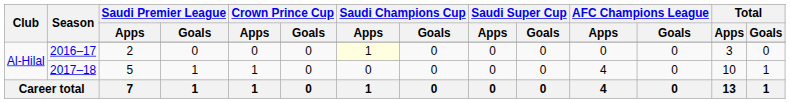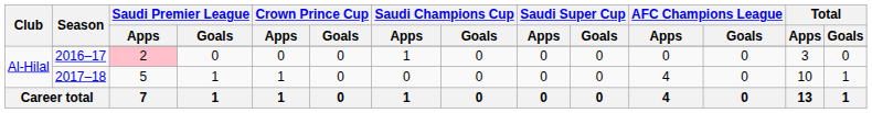 <table class="wikitable" style="text-align: center;">
 <tr>
 <th rowspan="2">Club</th>
 <th rowspan="2">Season</th>
 <th colspan="2"><a href='#'>Saudi Premier League</a></th>
 <th colspan="2"><a href='#'>Crown Prince Cup</a></th>
 <th colspan="2"><a href='#'>Saudi Champions Cup</a></th>
 <th colspan="2"><a href='#'>Saudi Super Cup</a></th>
 <th colspan="2"><a href='#'>AFC Champions League</a></th>
 <th colspan="2">Total</th>
 </tr>
 <tr>
 <th>Apps</th>
 <th>Goals</th>
 <th>Apps</th>
 <th>Goals</th>
 <th>Apps</th>
 <th>Goals</th>
 <th>Apps</th>
 <th>Goals</th>
 <th>Apps</th>
 <th>Goals</th>
 <th>Apps</th>
 <th>Goals</th>
 </tr>
 <tr>
 <td rowspan="3"><a href='#'>Al-Hilal</a></td>
 </tr>
 <tr>
 <td><a href='#'>2016–17</a></td>
-<td>2</td>
+<td style="background: pink;">2</td>
 <td>0</td>
 <td>0</td>
 <td>0</td>
-<td style="background: lightyellow;">1</td>
+<td>1</td>
 <td>0</td>
 <td>0</td>
 <td>0</td>
 <td>0</td>
 <td>0</td>
 <td>3</td>
 <td>0</td>
 </tr>
 <tr>
 <td><a href='#'>2017–18</a></td>
 <td>5</td>
 <td>1</td>
 <td>1</td>
 <td>0</td>
 <td>0</td>
 <td>0</td>
 <td>0</td>
 <td>0</td>
 <td>4</td>
 <td>0</td>
 <td>10</td>
 <td>1</td>
 </tr>
 <tr>
 <th colspan=2>Career total</th>
 <th>7</th>
 <th>1</th>
 <th>1</th>
 <th>0</th>
 <th>1</th>
 <th>0</th>
 <th>0</th>
 <th>0</th>
 <th>4</th>
 <th>0</th>
 <th>13</th>
 <th>1</th>
 </tr>
 </table>
